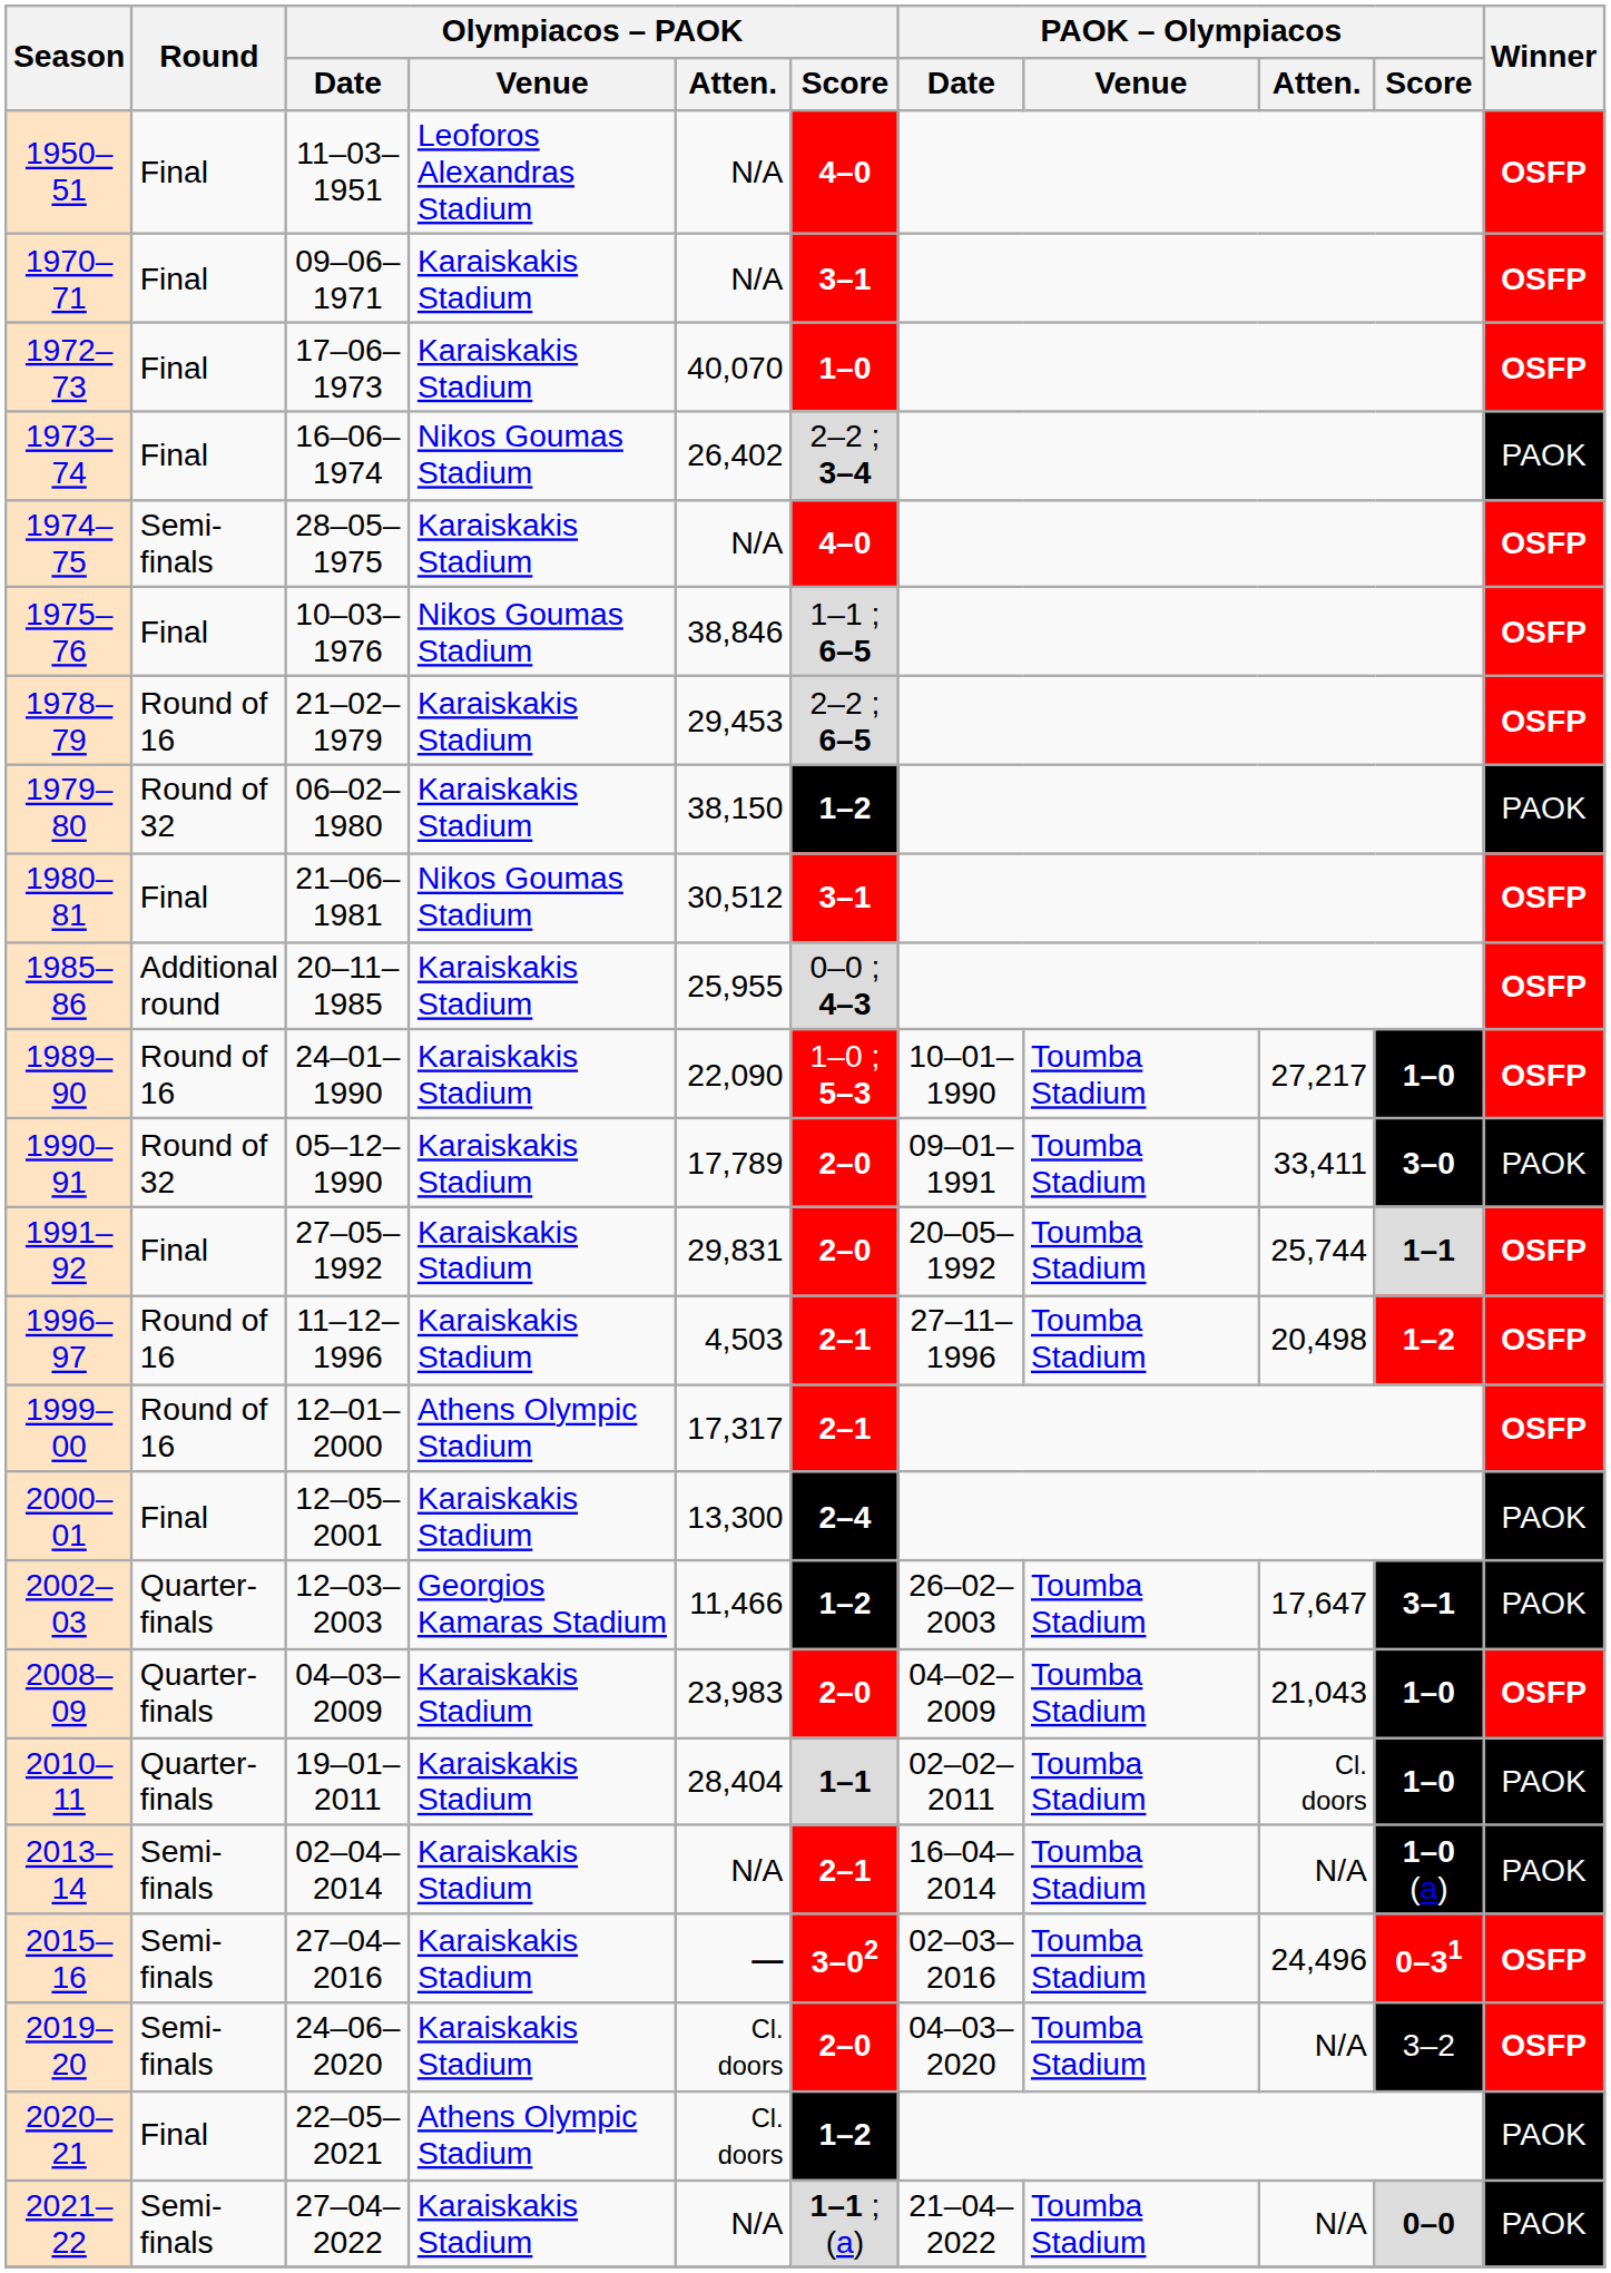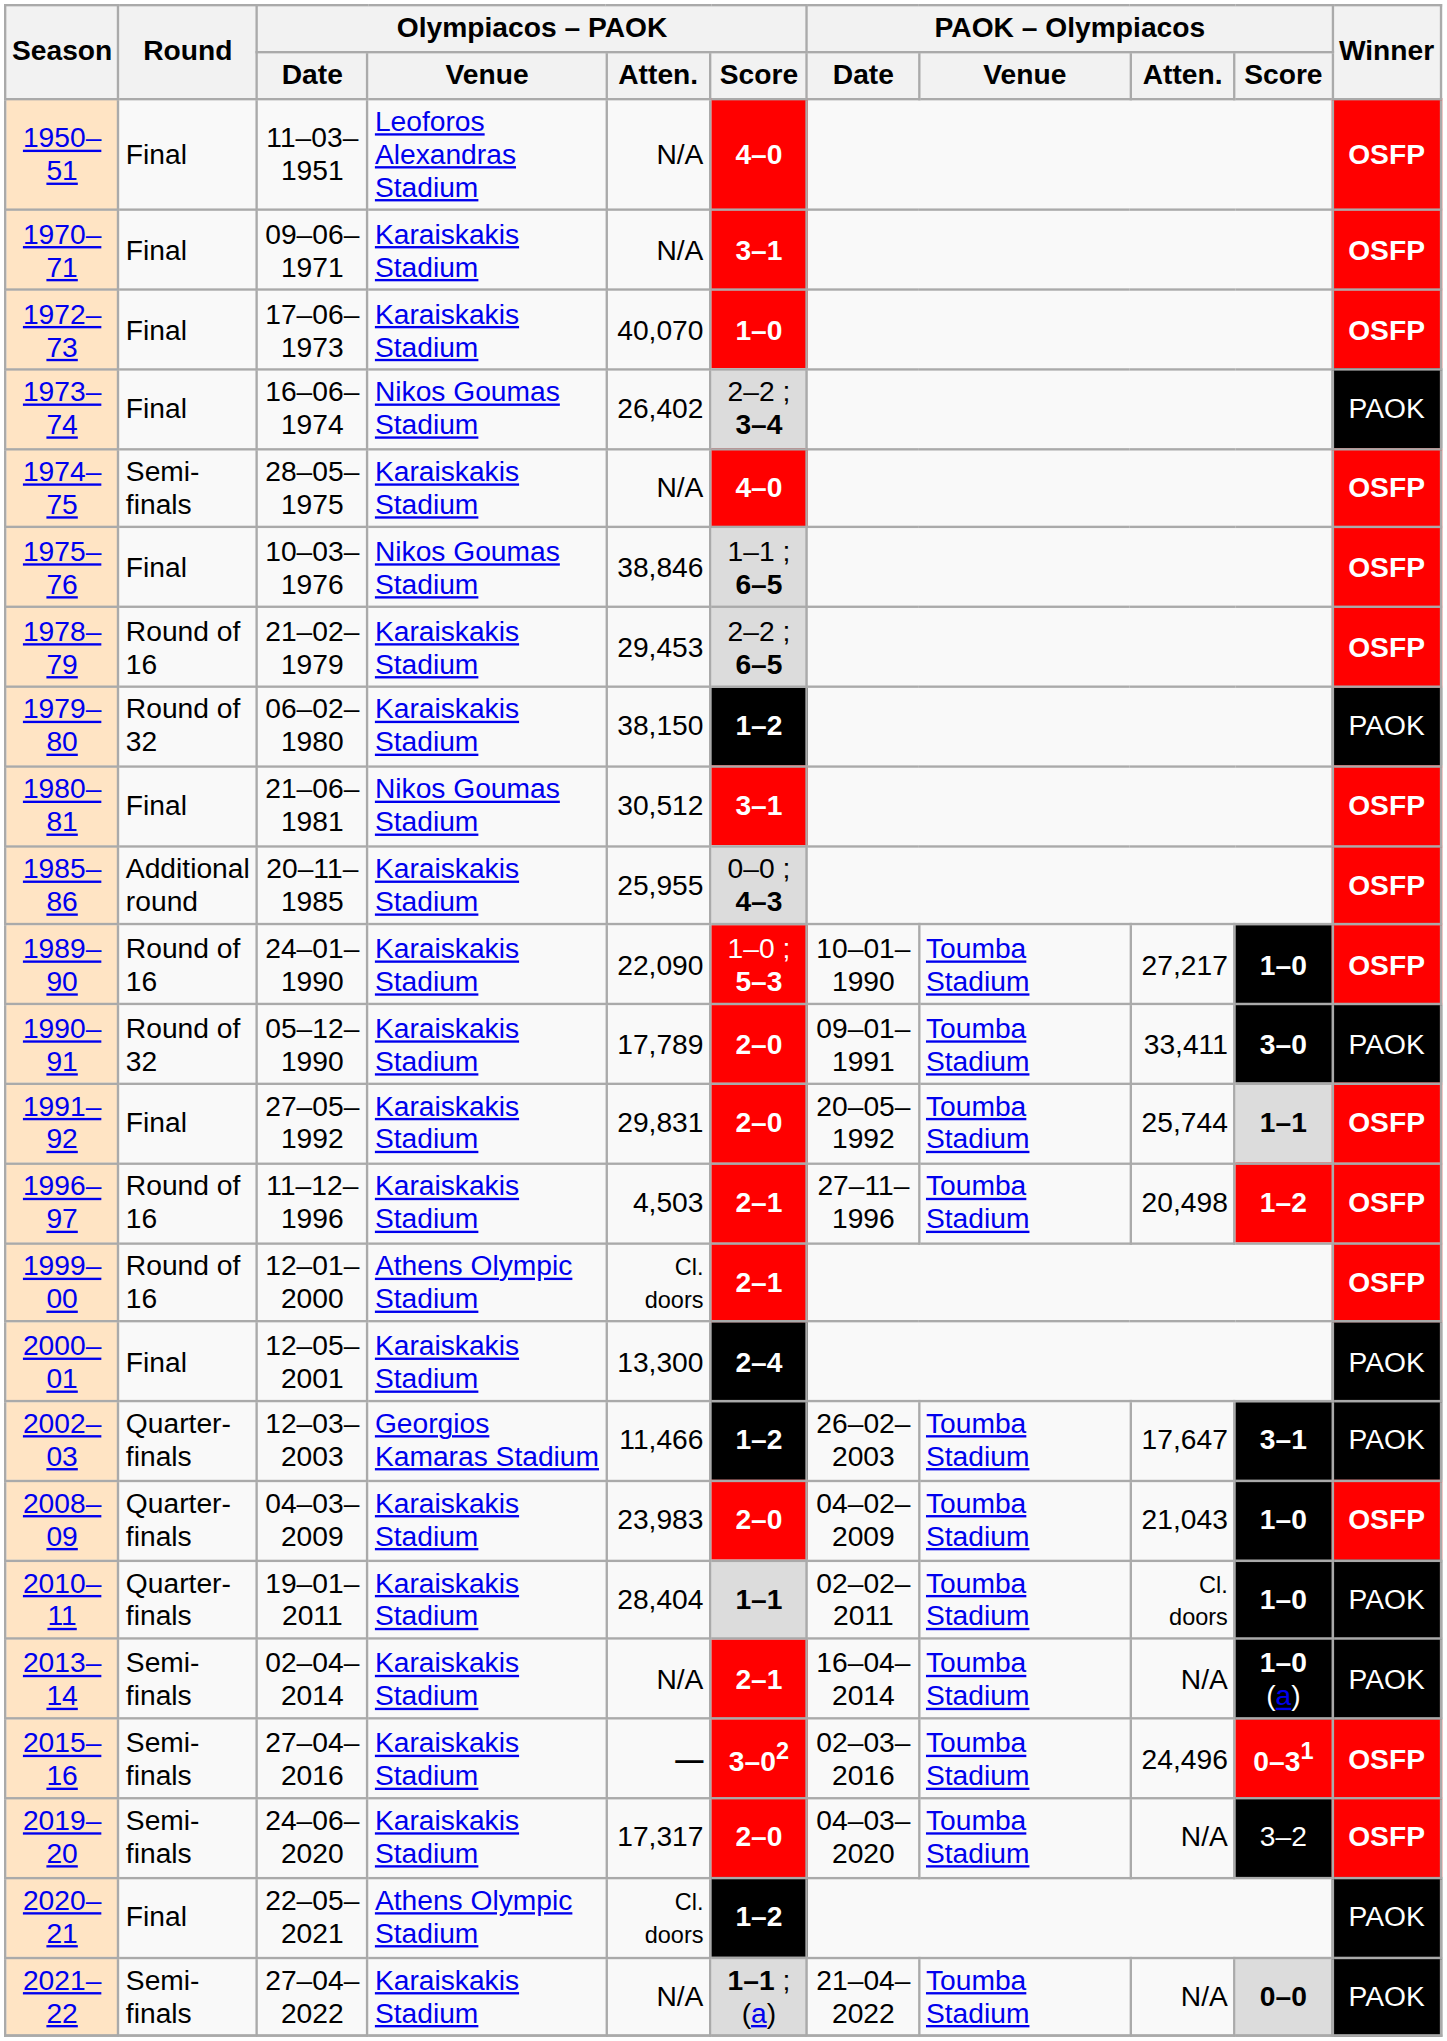 <table class="wikitable" style="text-align: center; font-size: 12px">
 <tr bgcolor=#f5f5f5>
 <th colspan=1 rowspan=2>Season</th>
 <th colspan=1 rowspan=2>Round</th>
 <th colspan=4>Olympiacos – PAOK</th>
 <th colspan=4>PAOK – Olympiacos</th>
 <th rowspan=2>Winner</th>
 </tr>
 <tr>
 <th width="70">Date</th>
 <th width="160">Venue</th>
 <th width="42">Atten.</th>
 <th width="40">Score</th>
 <th width="70">Date</th>
 <th width="160">Venue</th>
 <th width="42">Atten.</th>
 <th width="40">Score</th>
 </tr>
 <tr>
 <td bgcolor=#ffe4c4><a href='#'>1950–51</a></td>
 <td align="left">Final</td>
 <td>11–03–1951</td>
 <td align="left"><a href='#'>Leoforos Alexandras Stadium</a></td>
 <td align="right">N/A</td>
 <td align="center" style="color:white;background:#ff0000"><strong>4–0</strong></td>
 <td colspan="4"></td>
 <td align="center" style="color:white;background:#ff0000"><strong>OSFP</strong></td>
 </tr>
 <tr>
 <td bgcolor=#ffe4c4><a href='#'>1970–71</a></td>
 <td align="left">Final</td>
 <td>09–06–1971</td>
 <td align="left"><a href='#'>Karaiskakis Stadium</a></td>
 <td align="right">N/A</td>
 <td align="center" style="color:white;background:#ff0000"><strong>3–1</strong></td>
 <td colspan="4"></td>
 <td align="center" style="color:white;background:#ff0000"><strong>OSFP</strong></td>
 </tr>
 <tr>
 <td bgcolor=#ffe4c4><a href='#'>1972–73</a></td>
 <td align="left">Final</td>
 <td>17–06–1973</td>
 <td align="left"><a href='#'>Karaiskakis Stadium</a></td>
 <td align="right">40,070</td>
 <td align="center" style="color:white;background:#ff0000"><strong>1–0</strong></td>
 <td colspan="4"></td>
 <td align="center" style="color:white;background:#ff0000"><strong>OSFP</strong></td>
 </tr>
 <tr>
 <td bgcolor=#ffe4c4><a href='#'>1973–74</a></td>
 <td align="left">Final</td>
 <td>16–06–1974</td>
 <td align="left"><a href='#'>Nikos Goumas Stadium</a></td>
 <td align="right">26,402</td>
 <td bgcolor=#dcdcdc>2–2 ; <strong>3–4</strong> </td>
 <td colspan="4"></td>
 <td align="center" style="color:white;background:#000000">PAOK</td>
 </tr>
 <tr>
 <td bgcolor=#ffe4c4><a href='#'>1974–75</a></td>
 <td align="left">Semi-finals</td>
 <td>28–05–1975</td>
 <td align="left"><a href='#'>Karaiskakis Stadium</a></td>
 <td align="right">N/A</td>
 <td align="center" style="color:white;background:#ff0000"><strong>4–0</strong></td>
 <td colspan="4"></td>
 <td align="center" style="color:white;background:#ff0000"><strong>OSFP</strong></td>
 </tr>
 <tr>
 <td bgcolor=#ffe4c4><a href='#'>1975–76</a></td>
 <td align="left">Final</td>
 <td>10–03–1976</td>
 <td align="left"><a href='#'>Nikos Goumas Stadium</a></td>
 <td align="right">38,846</td>
 <td bgcolor=#dcdcdc>1–1 ; <strong>6–5</strong> </td>
 <td colspan="4"></td>
 <td align="center" style="color:white;background:#ff0000"><strong>OSFP</strong></td>
 </tr>
 <tr>
 <td bgcolor=#ffe4c4><a href='#'>1978–79</a></td>
 <td align="left">Round of 16</td>
 <td>21–02–1979</td>
 <td align="left"><a href='#'>Karaiskakis Stadium</a></td>
 <td align="right">29,453</td>
 <td bgcolor=#dcdcdc>2–2 ; <strong>6–5</strong> </td>
 <td colspan="4"></td>
 <td align="center" style="color:white;background:#ff0000"><strong>OSFP</strong></td>
 </tr>
 <tr>
 <td bgcolor=#ffe4c4><a href='#'>1979–80</a></td>
 <td align="left">Round of 32</td>
 <td>06–02–1980</td>
 <td align="left"><a href='#'>Karaiskakis Stadium</a></td>
 <td align="right">38,150</td>
 <td align="center" style="color:white;background:#000000"><strong>1–2</strong></td>
 <td colspan="4"></td>
 <td align="center" style="color:white;background:#000000">PAOK</td>
 </tr>
 <tr>
 <td bgcolor=#ffe4c4><a href='#'>1980–81</a></td>
 <td align="left">Final</td>
 <td>21–06–1981</td>
 <td align="left"><a href='#'>Nikos Goumas Stadium</a></td>
 <td align="right">30,512</td>
 <td align="center" style="color:white;background:#ff0000"><strong>3–1</strong></td>
 <td colspan="4"></td>
 <td align="center" style="color:white;background:#ff0000"><strong>OSFP</strong></td>
 </tr>
 <tr>
 <td bgcolor=#ffe4c4><a href='#'>1985–86</a></td>
 <td align="left">Additional round</td>
 <td>20–11–1985</td>
 <td align="left"><a href='#'>Karaiskakis Stadium</a></td>
 <td align="right">25,955</td>
 <td bgcolor=#dcdcdc>0–0 ; <strong>4–3</strong> </td>
 <td colspan="4"></td>
 <td align="center" style="color:white;background:#ff0000"><strong>OSFP</strong></td>
 </tr>
 <tr>
 <td bgcolor=#ffe4c4><a href='#'>1989–90</a></td>
 <td align="left">Round of 16</td>
 <td>24–01–1990</td>
 <td align="left"><a href='#'>Karaiskakis Stadium</a></td>
 <td align="right">22,090</td>
 <td align="center" style="color:white;background:#ff0000">1–0 ; <strong>5–3</strong>  </td>
 <td>10–01–1990</td>
 <td align="left"><a href='#'>Toumba Stadium</a></td>
 <td align="right">27,217</td>
 <td style="color:white;background:#000000"><strong>1–0</strong></td>
 <td align="center" style="color:white;background:#ff0000"><strong>OSFP</strong></td>
 </tr>
 <tr>
 <td bgcolor=#ffe4c4><a href='#'>1990–91</a></td>
 <td align="left">Round of 32</td>
 <td>05–12–1990</td>
 <td align="left"><a href='#'>Karaiskakis Stadium</a></td>
 <td align="right">17,789</td>
 <td align="center" style="color:white;background:#ff0000"><strong>2–0</strong></td>
 <td>09–01–1991</td>
 <td align="left"><a href='#'>Toumba Stadium</a></td>
 <td align="right">33,411</td>
 <td style="color:white;background:#000000"><strong>3–0</strong></td>
 <td align="center" style="color:white;background:#000000">PAOK</td>
 </tr>
 <tr>
 <td bgcolor=#ffe4c4><a href='#'>1991–92</a></td>
 <td align="left">Final</td>
 <td>27–05–1992</td>
 <td align="left"><a href='#'>Karaiskakis Stadium</a></td>
 <td align="right">29,831</td>
 <td align="center" style="color:white;background:#ff0000"><strong>2–0</strong></td>
 <td>20–05–1992</td>
 <td align="left"><a href='#'>Toumba Stadium</a></td>
 <td align="right">25,744</td>
 <td bgcolor=#dcdcdc><strong>1–1</strong></td>
 <td align="center" style="color:white;background:#ff0000"><strong>OSFP</strong></td>
 </tr>
 <tr>
 <td bgcolor=#ffe4c4><a href='#'>1996–97</a></td>
 <td align="left">Round of 16</td>
 <td>11–12–1996</td>
 <td align="left"><a href='#'>Karaiskakis Stadium</a></td>
 <td align="right">4,503</td>
 <td align="center" style="color:white;background:#ff0000"><strong>2–1</strong></td>
 <td>27–11–1996</td>
 <td align="left"><a href='#'>Toumba Stadium</a></td>
 <td align="right">20,498</td>
 <td style="color:white;background:#ff0000"><strong>1–2</strong></td>
 <td align="center" style="color:white;background:#ff0000"><strong>OSFP</strong></td>
 </tr>
 <tr>
 <td bgcolor=#ffe4c4><a href='#'>1999–00</a></td>
 <td align="left">Round of 16</td>
 <td>12–01–2000</td>
 <td align="left"><a href='#'>Athens Olympic Stadium</a></td>
-<td align="right">17,317</td>
+<td align="right"><small>Cl. doors</small></td>
 <td align="center" style="color:white;background:#ff0000"><strong>2–1</strong></td>
 <td colspan="4"></td>
 <td align="center" style="color:white;background:#ff0000"><strong>OSFP</strong></td>
 </tr>
 <tr>
 <td bgcolor=#ffe4c4><a href='#'>2000–01</a></td>
 <td align="left">Final</td>
 <td>12–05–2001</td>
 <td align="left"><a href='#'>Karaiskakis Stadium</a></td>
 <td align="right">13,300</td>
 <td align="center" style="color:white;background:#000000"><strong>2–4</strong></td>
 <td colspan="4"></td>
 <td align="center" style="color:white;background:#000000">PAOK</td>
 </tr>
 <tr>
 <td bgcolor=#ffe4c4><a href='#'>2002–03</a></td>
 <td align="left">Quarter-finals</td>
 <td>12–03–2003</td>
 <td align="left"><a href='#'>Georgios Kamaras Stadium</a></td>
 <td align="right">11,466</td>
 <td align="center" style="color:white;background:#000000"><strong>1–2</strong></td>
 <td>26–02–2003</td>
 <td align="left"><a href='#'>Toumba Stadium</a></td>
 <td align="right">17,647</td>
 <td style="color:white;background:#000000"><strong>3–1</strong></td>
 <td align="center" style="color:white;background:#000000">PAOK</td>
 </tr>
 <tr>
 <td bgcolor=#ffe4c4><a href='#'>2008–09</a></td>
 <td align="left">Quarter-finals</td>
 <td>04–03–2009</td>
 <td align="left"><a href='#'>Karaiskakis Stadium</a></td>
 <td align="right">23,983</td>
 <td align="center" style="color:white;background:#ff0000"><strong>2–0</strong> </td>
 <td>04–02–2009</td>
 <td align="left"><a href='#'>Toumba Stadium</a></td>
 <td align="right">21,043</td>
 <td style="color:white;background:#000000"><strong>1–0</strong></td>
 <td align="center" style="color:white;background:#ff0000"><strong>OSFP</strong></td>
 </tr>
 <tr>
 <td bgcolor=#ffe4c4><a href='#'>2010–11</a></td>
 <td align="left">Quarter-finals</td>
 <td>19–01–2011</td>
 <td align="left"><a href='#'>Karaiskakis Stadium</a></td>
 <td align="right">28,404</td>
 <td align="center" bgcolor=#dcdcdc><strong>1–1</strong></td>
 <td>02–02–2011</td>
 <td align="left"><a href='#'>Toumba Stadium</a></td>
 <td align="right"><small>Cl. doors</small></td>
 <td style="color:white;background:#000000"><strong>1–0</strong></td>
 <td align="center" style="color:white;background:#000000">PAOK</td>
 </tr>
 <tr>
 <td bgcolor=#ffe4c4><a href='#'>2013–14</a></td>
 <td align="left">Semi-finals</td>
 <td>02–04–2014</td>
 <td align="left"><a href='#'>Karaiskakis Stadium</a></td>
 <td align="right">N/A</td>
 <td align="center" style="color:white;background:#ff0000"><strong>2–1</strong></td>
 <td>16–04–2014</td>
 <td align="left"><a href='#'>Toumba Stadium</a></td>
 <td align="right">N/A</td>
 <td align="center" style="color:white;background:#000000"><strong>1–0</strong> (<a href='#'>a</a>)</td>
 <td align="center" style="color:white;background:#000000">PAOK</td>
 </tr>
 <tr>
 <td bgcolor=#ffe4c4><a href='#'>2015–16</a></td>
 <td align="left">Semi-finals</td>
 <td>27–04–2016</td>
 <td align="left"><a href='#'>Karaiskakis Stadium</a></td>
 <td align="right"><strong>—</strong></td>
 <td align="center" style="color:white;background:#ff0000"><strong>3–0</strong><sup><strong>2</strong></sup></td>
 <td>02–03–2016</td>
 <td align="left"><a href='#'>Toumba Stadium</a></td>
 <td align="right">24,496</td>
 <td align="center" style="color:white;background:#ff0000"><strong>0–3</strong><sup><strong>1</strong></sup></td>
 <td align="center" style="color:white;background:#ff0000"><strong>OSFP</strong></td>
 </tr>
 <tr>
 <td bgcolor=#ffe4c4><a href='#'>2019–20</a></td>
 <td align="left">Semi-finals</td>
 <td>24–06–2020</td>
 <td align="left"><a href='#'>Karaiskakis Stadium</a></td>
-<td align="right"><small>Cl. doors</small></td>
+<td align="right">17,317</td>
 <td align="center" style="color:white;background:#ff0000"><strong>2–0</strong></td>
 <td>04–03–2020</td>
 <td align="left"><a href='#'>Toumba Stadium</a></td>
 <td align="right">N/A</td>
 <td style="color:white;background:#000000">3–2</td>
 <td align="center" style="color:white;background:#ff0000"><strong>OSFP</strong></td>
 </tr>
 <tr>
 <td bgcolor=#ffe4c4><a href='#'>2020–21</a></td>
 <td align="left">Final</td>
 <td>22–05–2021</td>
 <td align="left"><a href='#'>Athens Olympic Stadium</a></td>
 <td align="right"><small>Cl. doors</small></td>
 <td align="center" style="color:white;background:#000000"><strong>1–2</strong></td>
 <td colspan="4"></td>
 <td align="center" style="color:white;background:#000000">PAOK</td>
 </tr>
 <tr>
 <td bgcolor=#ffe4c4><a href='#'>2021–22</a></td>
 <td align="left">Semi-finals</td>
 <td>27–04–2022</td>
 <td align="left"><a href='#'>Karaiskakis Stadium</a></td>
 <td align="right">N/A</td>
 <td align="center" bgcolor=#dcdcdc><strong>1–1</strong> ; (<a href='#'>a</a>)</td>
 <td>21–04–2022</td>
 <td align="left"><a href='#'>Toumba Stadium</a></td>
 <td align="right">N/A</td>
 <td align="center" bgcolor=#dcdcdc><strong>0–0</strong></td>
 <td align="center" style="color:white;background:#000000">PAOK</td>
 </tr>
 <tr>
 </tr>
 </table>
